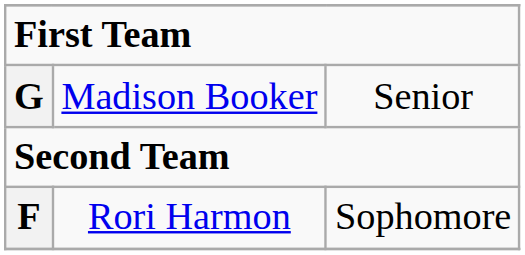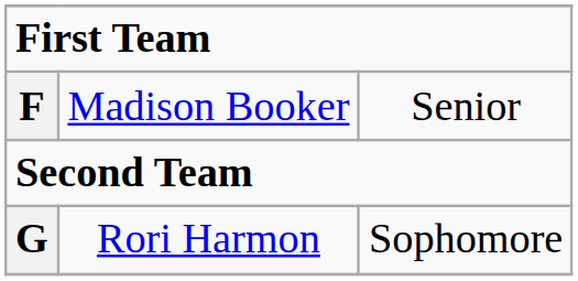 <table class="wikitable">
 <tr>
 </tr>
 <tr>
 <td colspan="4"><strong>First Team</strong></td>
 </tr>
 <tr style="text-align:center;">
-<th rowspan="1">G</th>
+<th rowspan="1">F</th>
 <td><a href='#'>Madison Booker</a></td>
 <td>Senior</td>
 </tr>
 <tr>
 <td colspan="4"><strong>Second Team</strong></td>
 </tr>
 <tr style="text-align:center;">
-<th rowspan="1">F</th>
+<th rowspan="1">G</th>
 <td><a href='#'>Rori Harmon</a></td>
 <td>Sophomore</td>
 </tr>
 <tr>
 </tr>
 </table>
